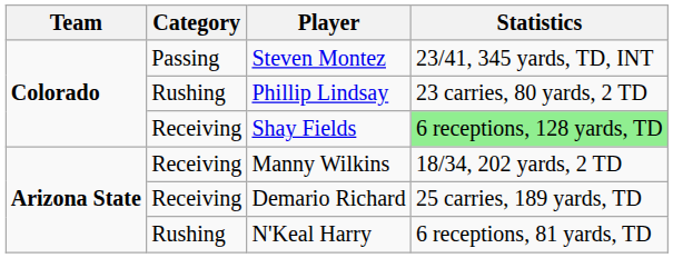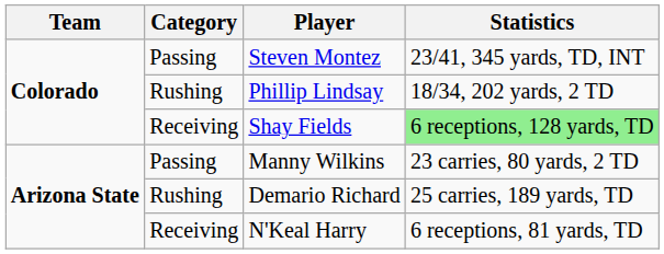 <table class="wikitable" style="float: right;">
 <tr>
 <th>Team</th>
 <th>Category</th>
 <th>Player</th>
 <th>Statistics</th>
 </tr>
 <tr>
 <td rowspan=3><strong>Colorado</strong></td>
 <td>Passing</td>
 <td><a href='#'>Steven Montez</a></td>
 <td>23/41, 345 yards, TD, INT</td>
 </tr>
 <tr>
 <td>Rushing</td>
 <td><a href='#'>Phillip Lindsay</a></td>
-<td>23 carries, 80 yards, 2 TD</td>
+<td>18/34, 202 yards, 2 TD</td>
 </tr>
 <tr>
 <td>Receiving</td>
 <td><a href='#'>Shay Fields</a></td>
 <td style="background: lightgreen;">6 receptions, 128 yards, TD</td>
 </tr>
 <tr>
 <td rowspan=3><strong>Arizona State</strong></td>
-<td>Receiving</td>
+<td>Passing</td>
 <td>Manny Wilkins</td>
-<td>18/34, 202 yards, 2 TD</td>
+<td>23 carries, 80 yards, 2 TD</td>
 </tr>
 <tr>
-<td>Receiving</td>
+<td>Rushing</td>
 <td>Demario Richard</td>
 <td>25 carries, 189 yards, TD</td>
 </tr>
 <tr>
-<td>Rushing</td>
+<td>Receiving</td>
 <td>N'Keal Harry</td>
 <td>6 receptions, 81 yards, TD</td>
 </tr>
 </table>
